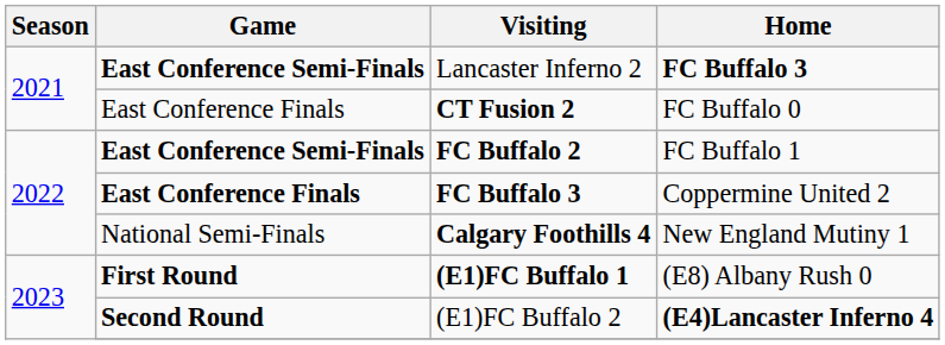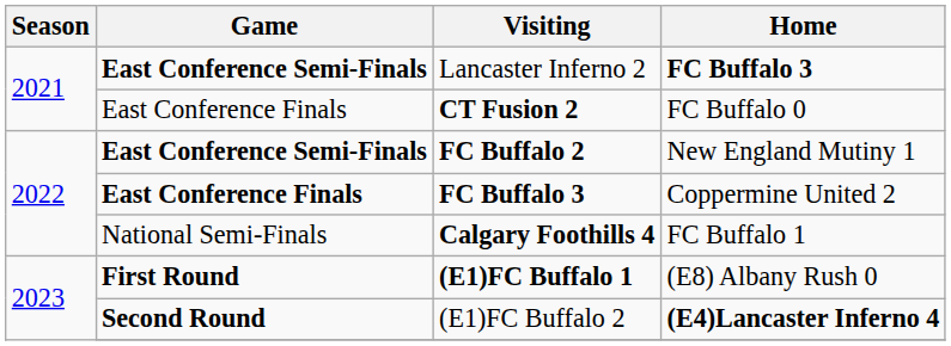 <table class="wikitable">
 <tr>
 <th>Season</th>
 <th>Game</th>
 <th>Visiting</th>
 <th>Home</th>
 </tr>
 <tr>
 <td rowspan="2"><a href='#'>2021</a></td>
 <td><strong>East Conference Semi-Finals</strong></td>
 <td>Lancaster Inferno 2</td>
 <td><strong>FC Buffalo 3</strong></td>
 </tr>
 <tr>
 <td>East Conference Finals</td>
 <td><strong>CT Fusion 2</strong></td>
 <td>FC Buffalo 0</td>
 </tr>
 <tr>
 <td rowspan="3"><a href='#'>2022</a></td>
 <td><strong>East Conference Semi-Finals</strong></td>
 <td><strong>FC Buffalo 2</strong></td>
-<td>FC Buffalo 1</td>
+<td>New England Mutiny 1</td>
 </tr>
 <tr>
 <td><strong>East Conference Finals</strong></td>
 <td><strong>FC Buffalo 3</strong></td>
 <td>Coppermine United 2</td>
 </tr>
 <tr>
 <td>National Semi-Finals</td>
 <td><strong>Calgary Foothills 4</strong></td>
-<td>New England Mutiny 1</td>
+<td>FC Buffalo 1</td>
 </tr>
 <tr>
 <td rowspan="4"><a href='#'>2023</a></td>
 <td><strong>First Round</strong></td>
 <td><strong>(E1)FC Buffalo 1</strong></td>
 <td>(E8) Albany Rush 0</td>
 </tr>
 <tr>
 <td><strong>Second Round</strong></td>
 <td>(E1)FC Buffalo 2</td>
 <td><strong>(E4)Lancaster Inferno 4</strong></td>
 </tr>
 <tr>
 </tr>
 </table>
